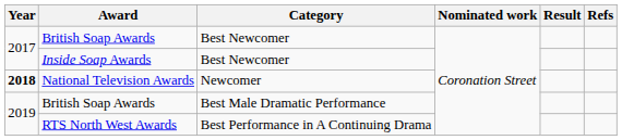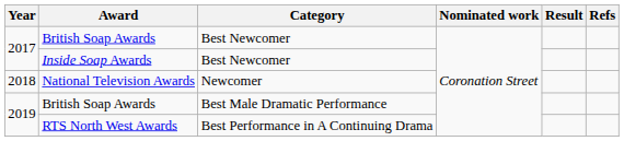 <table class="wikitable">
 <tr>
 <th>Year</th>
 <th>Award</th>
 <th>Category</th>
 <th>Nominated work</th>
 <th>Result</th>
 <th>Refs</th>
 </tr>
 <tr>
 <td rowspan=2>2017</td>
 <td><a href='#'>British Soap Awards</a></td>
 <td>Best Newcomer</td>
 <td rowspan=6><em>Coronation Street</em></td>
 <td></td>
 <td></td>
 </tr>
 <tr>
 <td><a href='#'><em>Inside Soap</em> Awards</a></td>
 <td>Best Newcomer</td>
 <td></td>
 <td></td>
 </tr>
 <tr>
-<td><strong>2018</strong></td>
+<td>2018</td>
 <td><a href='#'>National Television Awards</a></td>
 <td>Newcomer</td>
 <td></td>
 <td></td>
 </tr>
 <tr>
 <td rowspan=2>2019</td>
 <td>British Soap Awards</td>
 <td>Best Male Dramatic Performance</td>
 <td></td>
 <td></td>
 </tr>
 <tr>
 <td><a href='#'>RTS North West Awards</a></td>
 <td>Best Performance in A Continuing Drama</td>
 <td></td>
 <td></td>
 </tr>
 </table>
